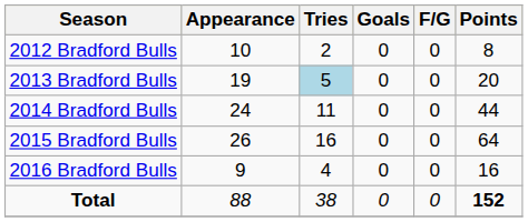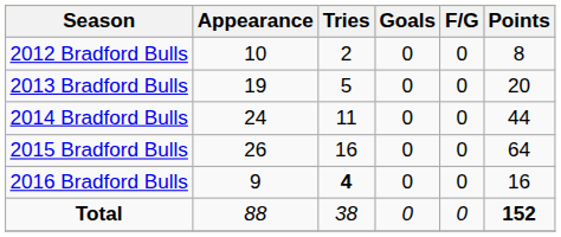 <table class="wikitable" style="text-align:center;">
 <tr bgcolor=#bdb76b>
 <th>Season</th>
 <th>Appearance</th>
 <th>Tries</th>
 <th>Goals</th>
 <th>F/G</th>
 <th>Points</th>
 </tr>
 <tr>
 <td><a href='#'>2012 Bradford Bulls</a></td>
 <td>10</td>
 <td>2</td>
 <td>0</td>
 <td>0</td>
 <td>8</td>
 </tr>
 <tr>
 <td><a href='#'>2013 Bradford Bulls</a></td>
 <td>19</td>
-<td style="background: lightblue;">5</td>
+<td>5</td>
 <td>0</td>
 <td>0</td>
 <td>20</td>
 </tr>
 <tr>
 <td><a href='#'>2014 Bradford Bulls</a></td>
 <td>24</td>
 <td>11</td>
 <td>0</td>
 <td>0</td>
 <td>44</td>
 </tr>
 <tr>
 <td><a href='#'>2015 Bradford Bulls</a></td>
 <td>26</td>
 <td>16</td>
 <td>0</td>
 <td>0</td>
 <td>64</td>
 </tr>
 <tr>
 <td><a href='#'>2016 Bradford Bulls</a></td>
 <td>9</td>
-<td>4</td>
+<td><strong>4</strong></td>
 <td>0</td>
 <td>0</td>
 <td>16</td>
 </tr>
 <tr>
 <td><strong>Total</strong></td>
 <td><em>88</em></td>
 <td><em>38</em></td>
 <td><em>0</em></td>
 <td><em>0</em></td>
 <td><strong>152</strong></td>
 </tr>
 <tr>
 </tr>
 </table>
